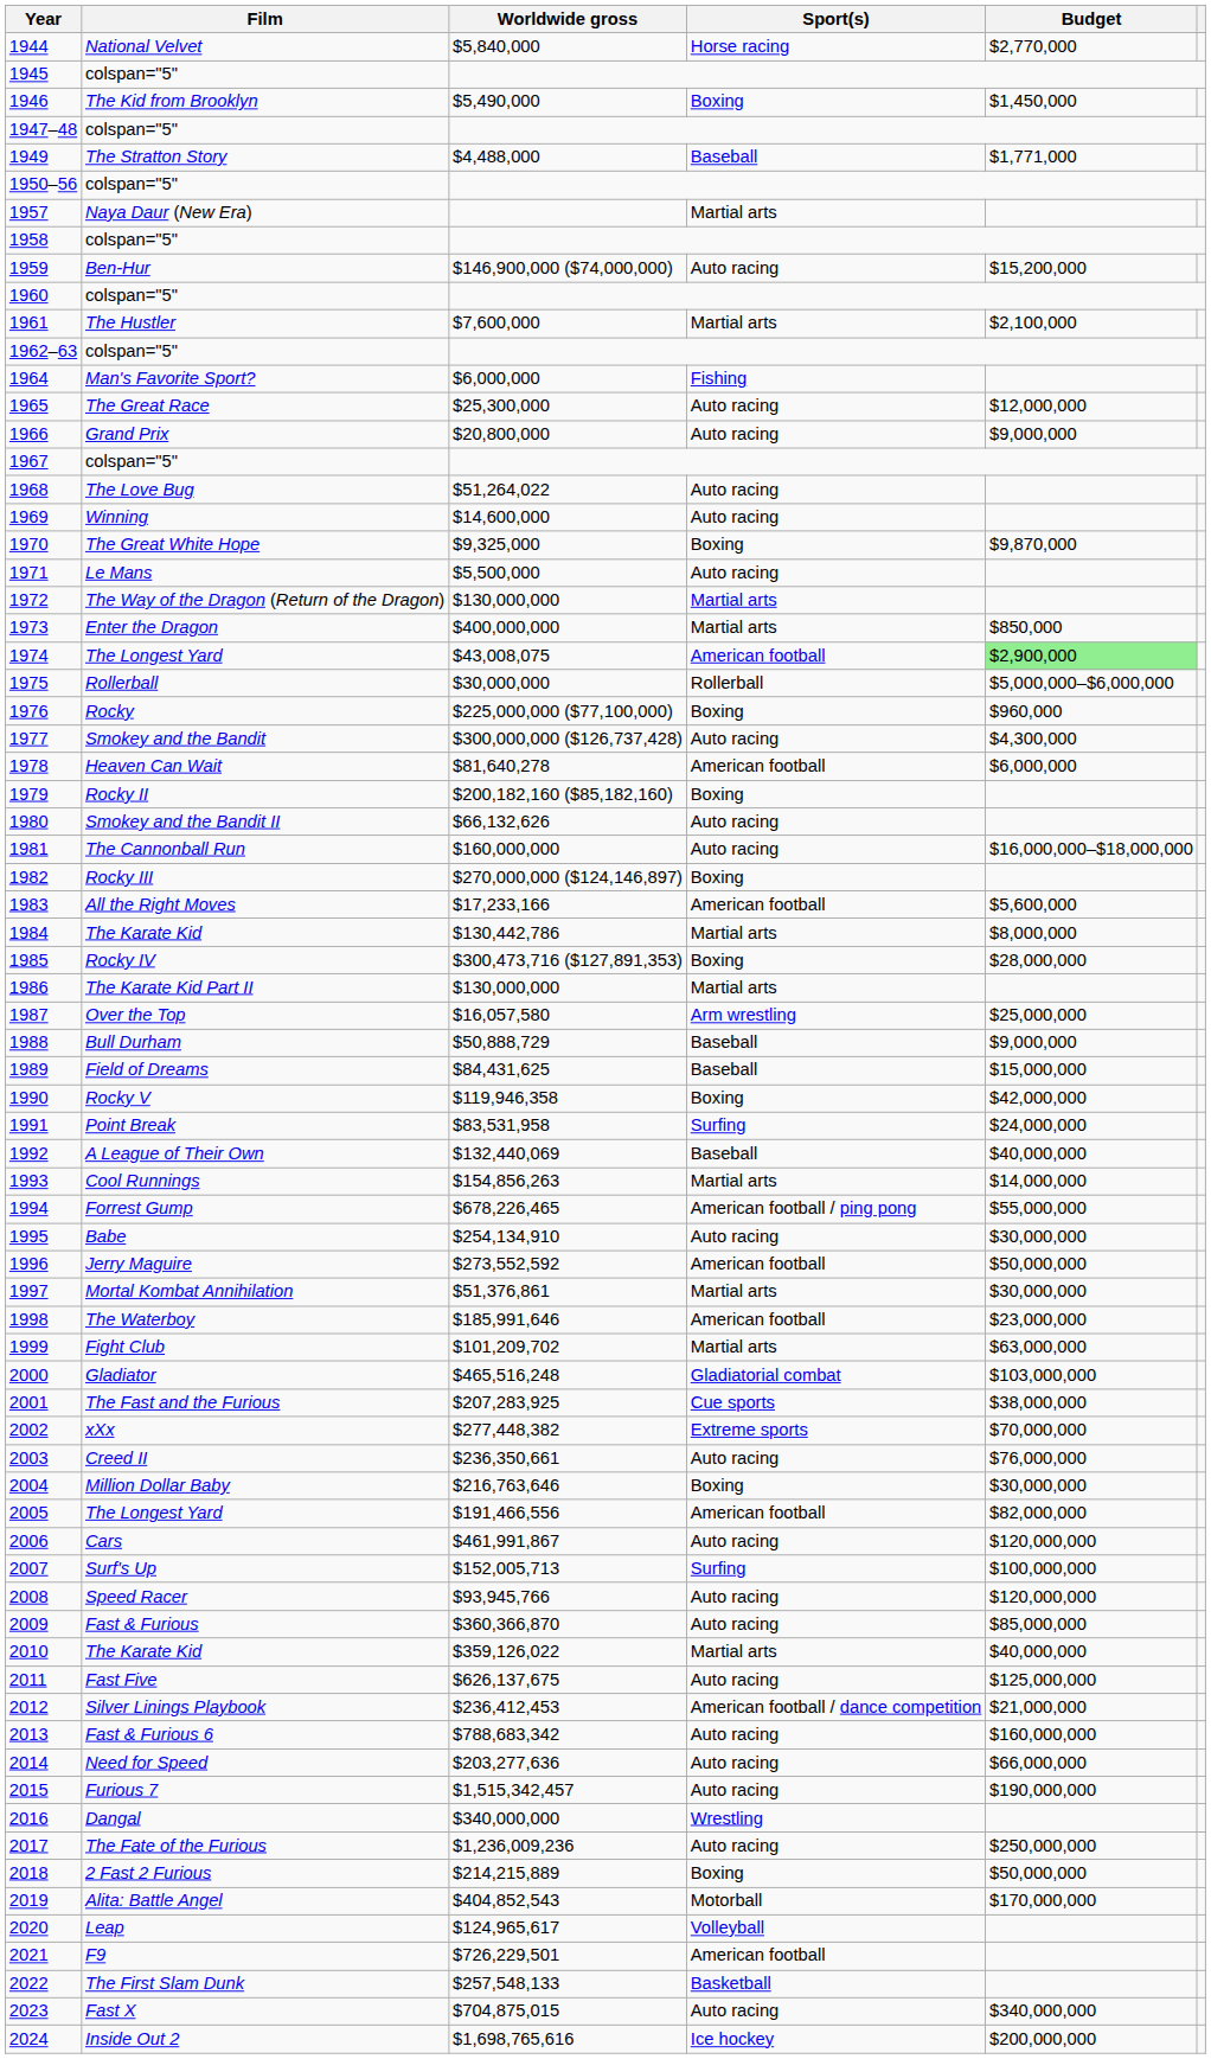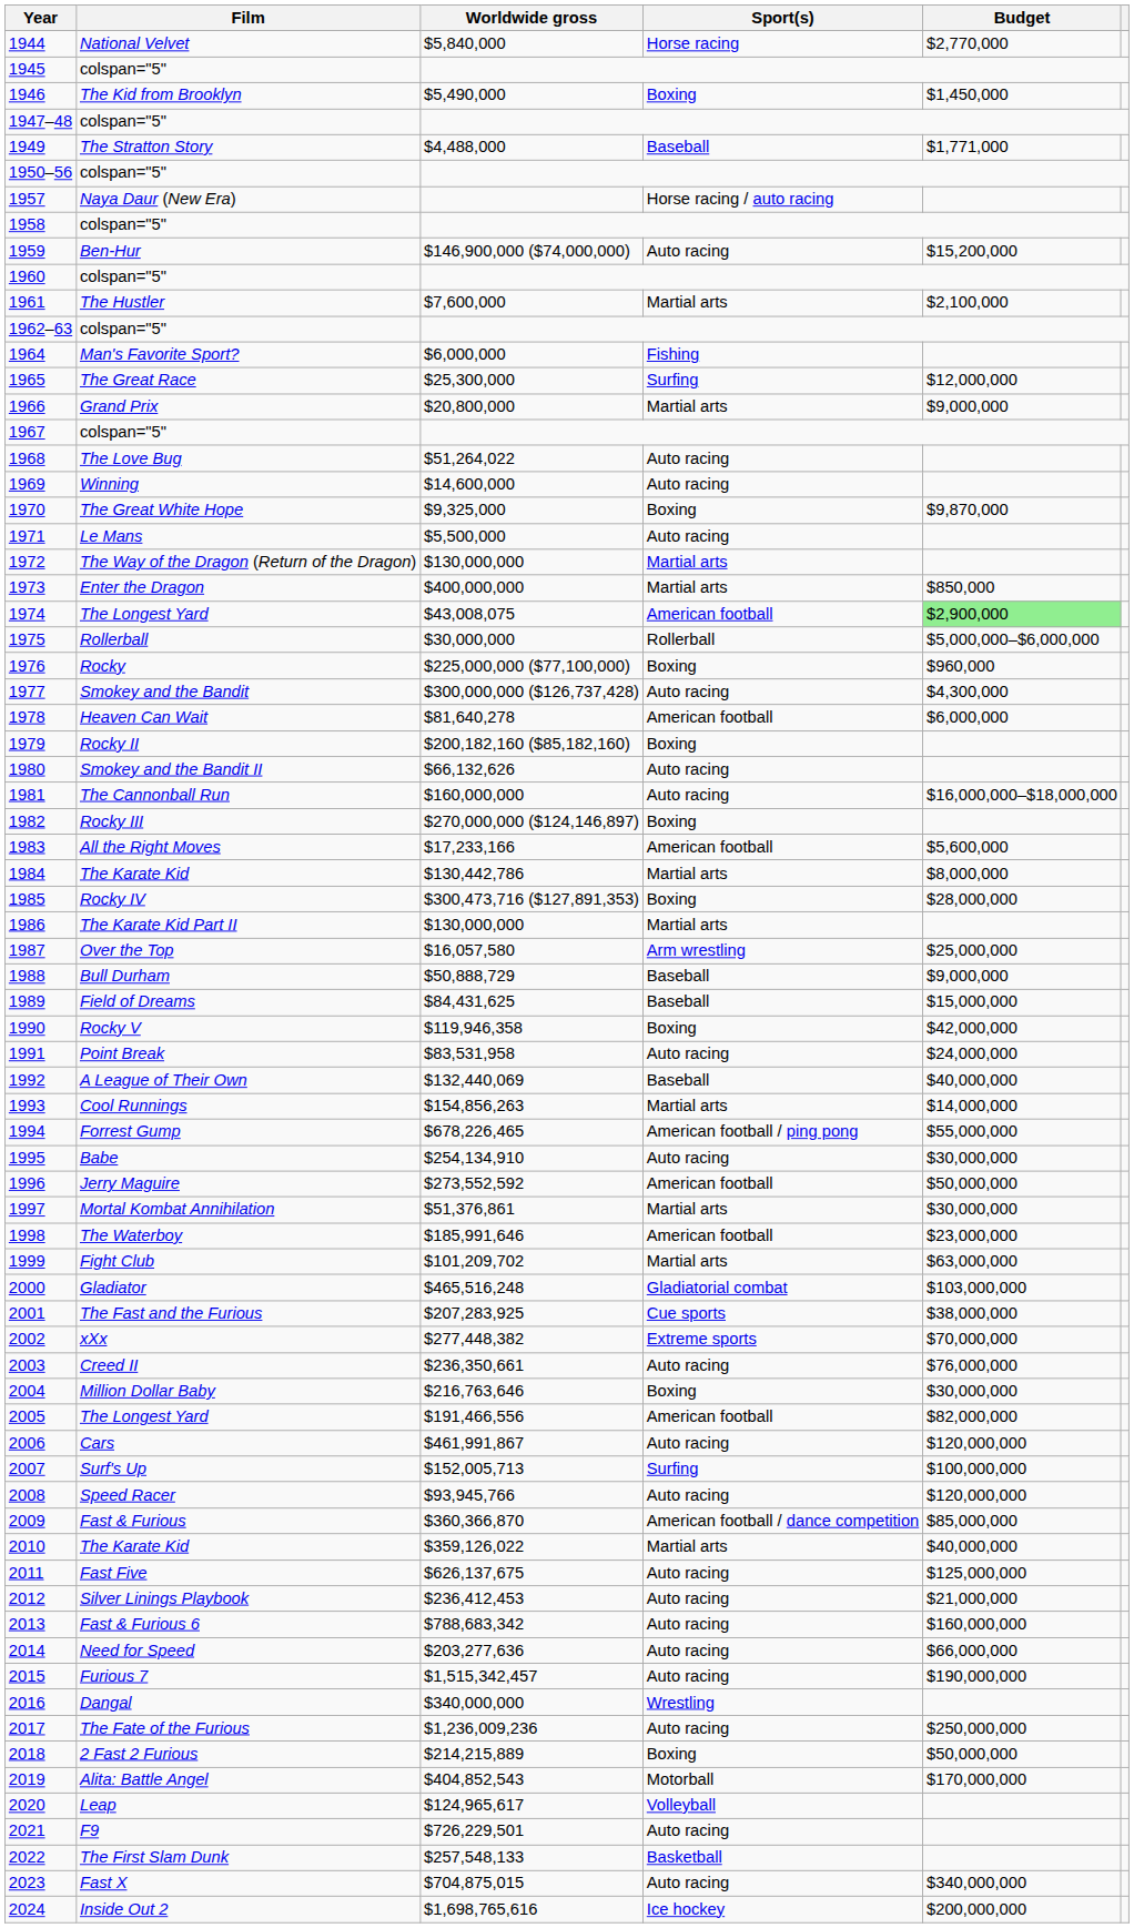 <table class="wikitable sortable plainrowheaders">
 <tr>
 <th>Year</th>
 <th>Film</th>
 <th>Worldwide gross</th>
 <th>Sport(s)</th>
 <th>Budget</th>
 <th class=unsortable></th>
 </tr>
 <tr>
 <td><a href='#'>1944</a></td>
 <td><em><a href='#'>National Velvet</a></em></td>
 <td>$5,840,000</td>
 <td><a href='#'>Horse racing</a></td>
 <td>$2,770,000</td>
 <td></td>
 </tr>
 <tr>
 <td><a href='#'>1945</a></td>
 <td>colspan="5" </td>
 </tr>
 <tr>
 <td><a href='#'>1946</a></td>
 <td><em><a href='#'>The Kid from Brooklyn</a></em></td>
 <td>$5,490,000</td>
 <td><a href='#'>Boxing</a></td>
 <td>$1,450,000</td>
 <td></td>
 </tr>
 <tr>
 <td><a href='#'>1947</a>–<a href='#'>48</a></td>
 <td>colspan="5" </td>
 </tr>
 <tr>
 <td><a href='#'>1949</a></td>
 <td><em><a href='#'>The Stratton Story</a></em></td>
 <td>$4,488,000</td>
 <td><a href='#'>Baseball</a></td>
 <td>$1,771,000</td>
 <td></td>
 </tr>
 <tr>
 <td><a href='#'>1950</a>–<a href='#'>56</a></td>
 <td>colspan="5" </td>
 </tr>
 <tr>
 <td><a href='#'>1957</a></td>
 <td><em><a href='#'>Naya Daur</a></em> (<em>New Era</em>)</td>
 <td></td>
-<td>Martial arts</td>
+<td>Horse racing / <a href='#'>auto racing</a></td>
 <td></td>
 <td></td>
 </tr>
 <tr>
 <td><a href='#'>1958</a></td>
 <td>colspan="5" </td>
 </tr>
 <tr>
 <td><a href='#'>1959</a></td>
 <td><em><a href='#'>Ben-Hur</a></em></td>
 <td>$146,900,000 ($74,000,000)</td>
 <td>Auto racing</td>
 <td>$15,200,000</td>
 <td></td>
 </tr>
 <tr>
 <td><a href='#'>1960</a></td>
 <td>colspan="5" </td>
 </tr>
 <tr>
 <td><a href='#'>1961</a></td>
 <td><em><a href='#'>The Hustler</a></em></td>
 <td>$7,600,000</td>
 <td>Martial arts</td>
 <td>$2,100,000</td>
 <td></td>
 </tr>
 <tr>
 <td><a href='#'>1962</a>–<a href='#'>63</a></td>
 <td>colspan="5" </td>
 </tr>
 <tr>
 <td><a href='#'>1964</a></td>
 <td><em><a href='#'>Man's Favorite Sport?</a></em></td>
 <td>$6,000,000</td>
 <td><a href='#'>Fishing</a></td>
 <td></td>
 <td></td>
 </tr>
 <tr>
 <td><a href='#'>1965</a></td>
 <td><em><a href='#'>The Great Race</a></em></td>
 <td>$25,300,000</td>
-<td>Auto racing</td>
+<td><a href='#'>Surfing</a></td>
 <td>$12,000,000</td>
 <td></td>
 </tr>
 <tr>
 <td><a href='#'>1966</a></td>
 <td><em><a href='#'>Grand Prix</a></em></td>
 <td>$20,800,000</td>
-<td>Auto racing</td>
+<td>Martial arts</td>
 <td>$9,000,000</td>
 <td></td>
 </tr>
 <tr>
 <td><a href='#'>1967</a></td>
 <td>colspan="5" </td>
 </tr>
 <tr>
 <td><a href='#'>1968</a></td>
 <td><em><a href='#'>The Love Bug</a></em></td>
 <td>$51,264,022</td>
 <td>Auto racing</td>
 <td></td>
 <td></td>
 </tr>
 <tr>
 <td><a href='#'>1969</a></td>
 <td><em><a href='#'>Winning</a></em></td>
 <td>$14,600,000</td>
 <td>Auto racing</td>
 <td></td>
 <td></td>
 </tr>
 <tr>
 <td><a href='#'>1970</a></td>
 <td><em><a href='#'>The Great White Hope</a></em></td>
 <td>$9,325,000</td>
 <td>Boxing</td>
 <td>$9,870,000</td>
 <td></td>
 </tr>
 <tr>
 <td><a href='#'>1971</a></td>
 <td><em><a href='#'>Le Mans</a></em></td>
 <td>$5,500,000</td>
 <td>Auto racing</td>
 <td></td>
 <td></td>
 </tr>
 <tr>
 <td><a href='#'>1972</a></td>
 <td><em><a href='#'>The Way of the Dragon</a></em> (<em>Return of the Dragon</em>)</td>
 <td>$130,000,000</td>
 <td><a href='#'>Martial arts</a></td>
 <td></td>
 <td></td>
 </tr>
 <tr>
 <td><a href='#'>1973</a></td>
 <td><em><a href='#'>Enter the Dragon</a></em></td>
 <td>$400,000,000</td>
 <td>Martial arts</td>
 <td>$850,000</td>
 <td></td>
 </tr>
 <tr>
 <td><a href='#'>1974</a></td>
 <td><em><a href='#'>The Longest Yard</a></em></td>
 <td>$43,008,075</td>
 <td><a href='#'>American football</a></td>
 <td style="background: lightgreen;">$2,900,000</td>
 <td></td>
 </tr>
 <tr>
 <td><a href='#'>1975</a></td>
 <td><em><a href='#'>Rollerball</a></em></td>
 <td>$30,000,000</td>
 <td>Rollerball</td>
 <td>$5,000,000–$6,000,000</td>
 <td></td>
 </tr>
 <tr>
 <td><a href='#'>1976</a></td>
 <td><em><a href='#'>Rocky</a></em></td>
 <td>$225,000,000 ($77,100,000)</td>
 <td>Boxing</td>
 <td>$960,000</td>
 <td></td>
 </tr>
 <tr>
 <td><a href='#'>1977</a></td>
 <td><em><a href='#'>Smokey and the Bandit</a></em></td>
 <td>$300,000,000 ($126,737,428)</td>
 <td>Auto racing</td>
 <td>$4,300,000</td>
 <td></td>
 </tr>
 <tr>
 <td><a href='#'>1978</a></td>
 <td><em><a href='#'>Heaven Can Wait</a></em></td>
 <td>$81,640,278</td>
 <td>American football</td>
 <td>$6,000,000</td>
 <td></td>
 </tr>
 <tr>
 <td><a href='#'>1979</a></td>
 <td><em><a href='#'>Rocky II</a></em></td>
 <td>$200,182,160 ($85,182,160)</td>
 <td>Boxing</td>
 <td></td>
 <td></td>
 </tr>
 <tr>
 <td><a href='#'>1980</a></td>
 <td><em><a href='#'>Smokey and the Bandit II</a></em></td>
 <td>$66,132,626</td>
 <td>Auto racing</td>
 <td></td>
 <td></td>
 </tr>
 <tr>
 <td><a href='#'>1981</a></td>
 <td><em><a href='#'>The Cannonball Run</a></em></td>
 <td>$160,000,000</td>
 <td>Auto racing</td>
 <td>$16,000,000–$18,000,000</td>
 <td></td>
 </tr>
 <tr>
 <td><a href='#'>1982</a></td>
 <td><em><a href='#'>Rocky III</a></em></td>
 <td>$270,000,000 ($124,146,897)</td>
 <td>Boxing</td>
 <td></td>
 <td></td>
 </tr>
 <tr>
 <td><a href='#'>1983</a></td>
 <td><em><a href='#'>All the Right Moves</a></em></td>
 <td>$17,233,166</td>
 <td>American football</td>
 <td>$5,600,000</td>
 <td></td>
 </tr>
 <tr>
 <td><a href='#'>1984</a></td>
 <td><em><a href='#'>The Karate Kid</a></em></td>
 <td>$130,442,786</td>
 <td>Martial arts</td>
 <td>$8,000,000</td>
 <td></td>
 </tr>
 <tr>
 <td><a href='#'>1985</a></td>
 <td><em><a href='#'>Rocky IV</a></em></td>
 <td>$300,473,716 ($127,891,353)</td>
 <td>Boxing</td>
 <td>$28,000,000</td>
 <td></td>
 </tr>
 <tr>
 <td><a href='#'>1986</a></td>
 <td><em><a href='#'>The Karate Kid Part II</a></em></td>
 <td>$130,000,000</td>
 <td>Martial arts</td>
 <td></td>
 <td></td>
 </tr>
 <tr>
 <td><a href='#'>1987</a></td>
 <td><em><a href='#'>Over the Top</a></em></td>
 <td>$16,057,580</td>
 <td><a href='#'>Arm wrestling</a></td>
 <td>$25,000,000</td>
 <td></td>
 </tr>
 <tr>
 <td><a href='#'>1988</a></td>
 <td><em><a href='#'>Bull Durham</a></em></td>
 <td>$50,888,729</td>
 <td>Baseball</td>
 <td>$9,000,000</td>
 <td></td>
 </tr>
 <tr>
 <td><a href='#'>1989</a></td>
 <td><em><a href='#'>Field of Dreams</a></em></td>
 <td>$84,431,625</td>
 <td>Baseball</td>
 <td>$15,000,000</td>
 <td></td>
 </tr>
 <tr>
 <td><a href='#'>1990</a></td>
 <td><em><a href='#'>Rocky V</a></em></td>
 <td>$119,946,358</td>
 <td>Boxing</td>
 <td>$42,000,000</td>
 <td></td>
 </tr>
 <tr>
 <td><a href='#'>1991</a></td>
 <td><em><a href='#'>Point Break</a></em></td>
 <td>$83,531,958</td>
-<td><a href='#'>Surfing</a></td>
+<td>Auto racing</td>
 <td>$24,000,000</td>
 <td></td>
 </tr>
 <tr>
 <td><a href='#'>1992</a></td>
 <td><em><a href='#'>A League of Their Own</a></em></td>
 <td>$132,440,069</td>
 <td>Baseball</td>
 <td>$40,000,000</td>
 <td></td>
 </tr>
 <tr>
 <td><a href='#'>1993</a></td>
 <td><em><a href='#'>Cool Runnings</a></em></td>
 <td>$154,856,263</td>
 <td>Martial arts</td>
 <td>$14,000,000</td>
 <td></td>
 </tr>
 <tr>
 <td><a href='#'>1994</a></td>
 <td><em><a href='#'>Forrest Gump</a></em></td>
 <td>$678,226,465</td>
 <td>American football / <a href='#'>ping pong</a></td>
 <td>$55,000,000</td>
 <td></td>
 </tr>
 <tr>
 <td><a href='#'>1995</a></td>
 <td><em><a href='#'>Babe</a></em></td>
 <td>$254,134,910</td>
 <td>Auto racing</td>
 <td>$30,000,000</td>
 <td></td>
 </tr>
 <tr>
 <td><a href='#'>1996</a></td>
 <td><em><a href='#'>Jerry Maguire</a></em></td>
 <td>$273,552,592</td>
 <td>American football</td>
 <td>$50,000,000</td>
 <td></td>
 </tr>
 <tr>
 <td><a href='#'>1997</a></td>
 <td><em><a href='#'>Mortal Kombat Annihilation</a></em></td>
 <td>$51,376,861</td>
 <td>Martial arts</td>
 <td>$30,000,000</td>
 <td></td>
 </tr>
 <tr>
 <td><a href='#'>1998</a></td>
 <td><em><a href='#'>The Waterboy</a></em></td>
 <td>$185,991,646</td>
 <td>American football</td>
 <td>$23,000,000</td>
 <td></td>
 </tr>
 <tr>
 <td><a href='#'>1999</a></td>
 <td><em><a href='#'>Fight Club</a></em></td>
 <td>$101,209,702</td>
 <td>Martial arts</td>
 <td>$63,000,000</td>
 <td></td>
 </tr>
 <tr>
 <td><a href='#'>2000</a></td>
 <td><em><a href='#'>Gladiator</a></em></td>
 <td>$465,516,248</td>
 <td><a href='#'>Gladiatorial combat</a></td>
 <td>$103,000,000</td>
 <td></td>
 </tr>
 <tr>
 <td><a href='#'>2001</a></td>
 <td><em><a href='#'>The Fast and the Furious</a></em></td>
 <td>$207,283,925</td>
 <td><a href='#'>Cue sports</a></td>
 <td>$38,000,000</td>
 <td></td>
 </tr>
 <tr>
 <td><a href='#'>2002</a></td>
 <td><em><a href='#'>xXx</a></em></td>
 <td>$277,448,382</td>
 <td><a href='#'>Extreme sports</a></td>
 <td>$70,000,000</td>
 <td></td>
 </tr>
 <tr>
 <td><a href='#'>2003</a></td>
 <td><em><a href='#'>Creed II</a></em></td>
 <td>$236,350,661</td>
 <td>Auto racing</td>
 <td>$76,000,000</td>
 <td></td>
 </tr>
 <tr>
 <td><a href='#'>2004</a></td>
 <td><em><a href='#'>Million Dollar Baby</a></em></td>
 <td>$216,763,646</td>
 <td>Boxing</td>
 <td>$30,000,000</td>
 <td></td>
 </tr>
 <tr>
 <td><a href='#'>2005</a></td>
 <td><em><a href='#'>The Longest Yard</a></em></td>
 <td>$191,466,556</td>
 <td>American football</td>
 <td>$82,000,000</td>
 <td></td>
 </tr>
 <tr>
 <td><a href='#'>2006</a></td>
 <td><em><a href='#'>Cars</a></em></td>
 <td>$461,991,867</td>
 <td>Auto racing</td>
 <td>$120,000,000</td>
 <td></td>
 </tr>
 <tr>
 <td><a href='#'>2007</a></td>
 <td><em><a href='#'>Surf's Up</a></em></td>
 <td>$152,005,713</td>
 <td><a href='#'>Surfing</a></td>
 <td>$100,000,000</td>
 <td></td>
 </tr>
 <tr>
 <td><a href='#'>2008</a></td>
 <td><em><a href='#'>Speed Racer</a></em></td>
 <td>$93,945,766</td>
 <td>Auto racing</td>
 <td>$120,000,000</td>
 <td></td>
 </tr>
 <tr>
 <td><a href='#'>2009</a></td>
 <td><em><a href='#'>Fast & Furious</a></em></td>
 <td>$360,366,870</td>
-<td>Auto racing</td>
+<td>American football / <a href='#'>dance competition</a></td>
 <td>$85,000,000</td>
 <td></td>
 </tr>
 <tr>
 <td><a href='#'>2010</a></td>
 <td><em><a href='#'>The Karate Kid</a></em></td>
 <td>$359,126,022</td>
 <td>Martial arts</td>
 <td>$40,000,000</td>
 <td></td>
 </tr>
 <tr>
 <td><a href='#'>2011</a></td>
 <td><em><a href='#'>Fast Five</a></em></td>
 <td>$626,137,675</td>
 <td>Auto racing</td>
 <td>$125,000,000</td>
 <td></td>
 </tr>
 <tr>
 <td><a href='#'>2012</a></td>
 <td><em><a href='#'>Silver Linings Playbook</a></em></td>
 <td>$236,412,453</td>
-<td>American football / <a href='#'>dance competition</a></td>
+<td>Auto racing</td>
 <td>$21,000,000</td>
 <td></td>
 </tr>
 <tr>
 <td><a href='#'>2013</a></td>
 <td><em><a href='#'>Fast & Furious 6</a></em></td>
 <td>$788,683,342</td>
 <td>Auto racing</td>
 <td>$160,000,000</td>
 <td></td>
 </tr>
 <tr>
 <td><a href='#'>2014</a></td>
 <td><em><a href='#'>Need for Speed</a></em></td>
 <td>$203,277,636</td>
 <td>Auto racing</td>
 <td>$66,000,000</td>
 <td></td>
 </tr>
 <tr>
 <td><a href='#'>2015</a></td>
 <td><em><a href='#'>Furious 7</a></em></td>
 <td>$1,515,342,457</td>
 <td>Auto racing</td>
 <td>$190,000,000</td>
 <td></td>
 </tr>
 <tr>
 <td><a href='#'>2016</a></td>
 <td><em><a href='#'>Dangal</a></em></td>
 <td>$340,000,000</td>
 <td><a href='#'>Wrestling</a></td>
 <td></td>
 <td></td>
 </tr>
 <tr>
 <td><a href='#'>2017</a></td>
 <td><em><a href='#'>The Fate of the Furious</a></em></td>
 <td>$1,236,009,236</td>
 <td>Auto racing</td>
 <td>$250,000,000</td>
 <td></td>
 </tr>
 <tr>
 <td><a href='#'>2018</a></td>
 <td><em><a href='#'>2 Fast 2 Furious</a></em></td>
 <td>$214,215,889</td>
 <td>Boxing</td>
 <td>$50,000,000</td>
 <td></td>
 </tr>
 <tr>
 <td><a href='#'>2019</a></td>
 <td><em><a href='#'>Alita: Battle Angel</a></em></td>
 <td>$404,852,543</td>
 <td>Motorball</td>
 <td>$170,000,000</td>
 <td></td>
 </tr>
 <tr>
 <td><a href='#'>2020</a></td>
 <td><em><a href='#'>Leap</a></em></td>
 <td>$124,965,617</td>
 <td><a href='#'>Volleyball</a></td>
 <td></td>
 <td></td>
 </tr>
 <tr>
 <td><a href='#'>2021</a></td>
 <td><em><a href='#'>F9</a></em></td>
 <td>$726,229,501</td>
-<td>American football</td>
+<td>Auto racing</td>
 <td></td>
 <td></td>
 </tr>
 <tr>
 <td><a href='#'>2022</a></td>
 <td><em><a href='#'>The First Slam Dunk</a></em></td>
 <td>$257,548,133</td>
 <td><a href='#'>Basketball</a></td>
 <td></td>
 <td></td>
 </tr>
 <tr>
 <td><a href='#'>2023</a></td>
 <td><em><a href='#'>Fast X</a></em></td>
 <td>$704,875,015</td>
 <td>Auto racing</td>
 <td>$340,000,000</td>
 <td></td>
 </tr>
 <tr>
 <td><a href='#'>2024</a></td>
 <td><em><a href='#'>Inside Out 2</a></em></td>
 <td>$1,698,765,616</td>
 <td><a href='#'>Ice hockey</a></td>
 <td>$200,000,000</td>
 <td></td>
 </tr>
 </table>
